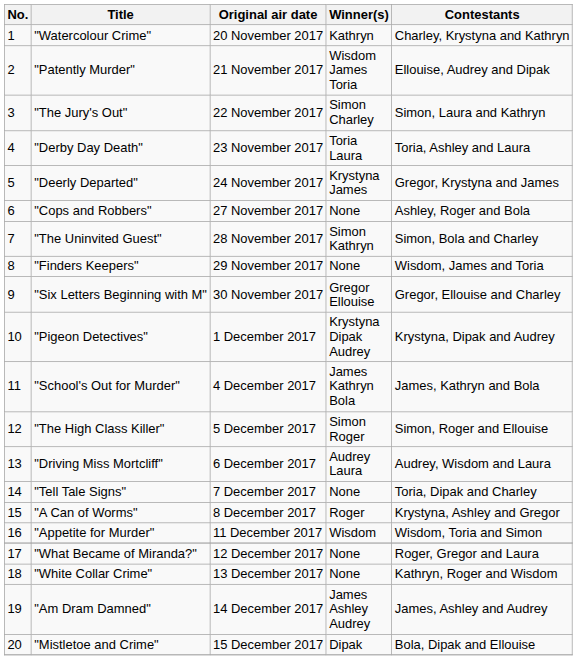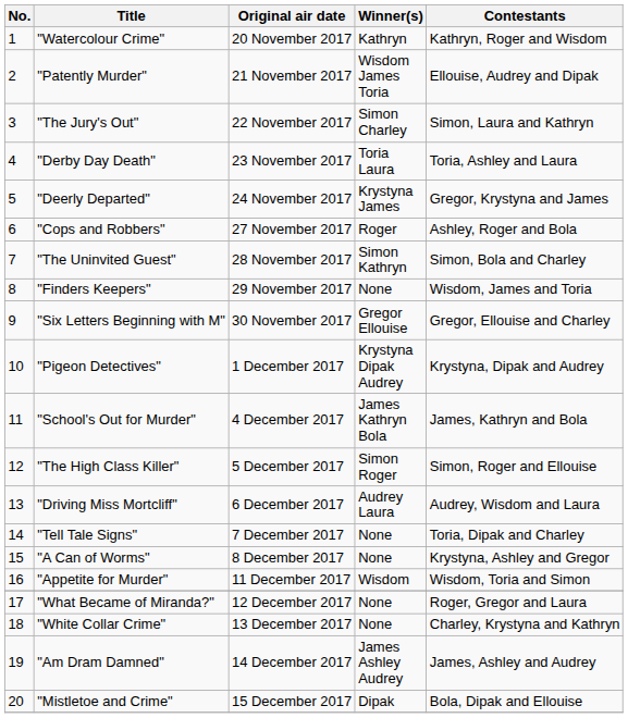 <table class="wikitable sortable">
 <tr>
 <th>No.</th>
 <th>Title</th>
 <th>Original air date</th>
 <th>Winner(s)</th>
 <th>Contestants</th>
 </tr>
 <tr>
 <td rowspan="1" j>1</td>
 <td>"Watercolour Crime"</td>
 <td>20 November 2017</td>
 <td>Kathryn</td>
-<td>Charley, Krystyna and Kathryn</td>
+<td>Kathryn, Roger and Wisdom</td>
 </tr>
 <tr>
 <td rowspan="1" j>2</td>
 <td>"Patently Murder"</td>
 <td>21 November 2017</td>
 <td>Wisdom<br>James<br>Toria</td>
 <td>Ellouise, Audrey and Dipak</td>
 </tr>
 <tr>
 <td rowspan="1" j>3</td>
 <td>"The Jury's Out"</td>
 <td>22 November 2017</td>
 <td>Simon<br>Charley</td>
 <td>Simon, Laura and Kathryn</td>
 </tr>
 <tr>
 <td rowspan="1" j>4</td>
 <td>"Derby Day Death"</td>
 <td>23 November 2017</td>
 <td>Toria<br>Laura</td>
 <td>Toria, Ashley and Laura</td>
 </tr>
 <tr>
 <td rowspan="1" j>5</td>
 <td>"Deerly Departed"</td>
 <td>24 November 2017</td>
 <td>Krystyna<br>James</td>
 <td>Gregor, Krystyna and James</td>
 </tr>
 <tr>
 <td rowspan="1" j>6</td>
 <td>"Cops and Robbers"</td>
 <td>27 November 2017</td>
-<td>None</td>
+<td>Roger</td>
 <td>Ashley, Roger and Bola</td>
 </tr>
 <tr>
 <td rowspan="1" j>7</td>
 <td>"The Uninvited Guest"</td>
 <td>28 November 2017</td>
 <td>Simon<br>Kathryn</td>
 <td>Simon, Bola and Charley</td>
 </tr>
 <tr>
 <td rowspan="1" j>8</td>
 <td>"Finders Keepers"</td>
 <td>29 November 2017</td>
 <td>None</td>
 <td>Wisdom, James and Toria</td>
 </tr>
 <tr>
 <td rowspan="1" j>9</td>
 <td>"Six Letters Beginning with M"</td>
 <td>30 November 2017</td>
 <td>Gregor<br>Ellouise</td>
 <td>Gregor, Ellouise and Charley</td>
 </tr>
 <tr>
 <td rowspan="1" j>10</td>
 <td>"Pigeon Detectives"</td>
 <td>1 December 2017</td>
 <td>Krystyna<br>Dipak<br>Audrey</td>
 <td>Krystyna, Dipak and Audrey</td>
 </tr>
 <tr>
 <td rowspan="1" j>11</td>
 <td>"School's Out for Murder"</td>
 <td>4 December 2017</td>
 <td>James<br>Kathryn<br>Bola</td>
 <td>James, Kathryn and Bola</td>
 </tr>
 <tr>
 <td rowspan="1" j>12</td>
 <td>"The High Class Killer"</td>
 <td>5 December 2017</td>
 <td>Simon<br>Roger</td>
 <td>Simon, Roger and Ellouise</td>
 </tr>
 <tr>
 <td rowspan="1" j>13</td>
 <td>"Driving Miss Mortcliff"</td>
 <td>6 December 2017</td>
 <td>Audrey<br>Laura</td>
 <td>Audrey, Wisdom and Laura</td>
 </tr>
 <tr>
 <td rowspan="1" j>14</td>
 <td>"Tell Tale Signs"</td>
 <td>7 December 2017</td>
 <td>None</td>
 <td>Toria, Dipak and Charley</td>
 </tr>
 <tr>
 <td rowspan="1" j>15</td>
 <td>"A Can of Worms"</td>
 <td>8 December 2017</td>
-<td>Roger</td>
+<td>None</td>
 <td>Krystyna, Ashley and Gregor</td>
 </tr>
 <tr>
 <td rowspan="1" j>16</td>
 <td>"Appetite for Murder"</td>
 <td>11 December 2017</td>
 <td>Wisdom</td>
 <td>Wisdom, Toria and Simon</td>
 </tr>
 <tr>
 </tr>
 <tr>
 <td rowspan="1" j>17</td>
 <td>"What Became of Miranda?"</td>
 <td>12 December 2017</td>
 <td>None</td>
 <td>Roger, Gregor and Laura</td>
 </tr>
 <tr>
 <td>18</td>
 <td>"White Collar Crime"</td>
 <td>13 December 2017</td>
 <td>None</td>
-<td>Kathryn, Roger and Wisdom</td>
+<td>Charley, Krystyna and Kathryn</td>
 </tr>
 <tr>
 <td>19</td>
 <td>"Am Dram Damned"</td>
 <td>14 December 2017</td>
 <td>James<br>Ashley<br>Audrey</td>
 <td>James, Ashley and Audrey</td>
 </tr>
 <tr>
 <td>20</td>
 <td>"Mistletoe and Crime"</td>
 <td>15 December 2017</td>
 <td>Dipak</td>
 <td>Bola, Dipak and Ellouise</td>
 </tr>
 <tr>
 </tr>
 </table>
